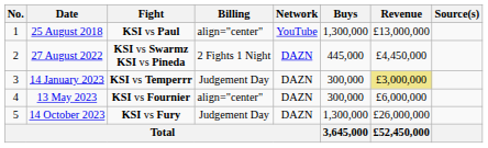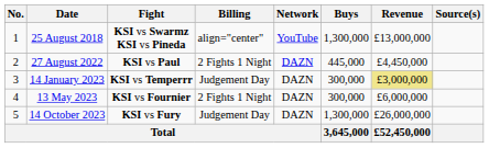 <table class="wikitable sortable">
 <tr>
 <th>No.</th>
 <th>Date</th>
 <th>Fight</th>
 <th>Billing</th>
 <th>Network</th>
 <th>Buys</th>
 <th>Revenue</th>
 <th>Source(s)</th>
 </tr>
 <tr>
 <td align="center">1</td>
 <td align="center"><a href='#'>25 August 2018</a></td>
-<td align="center"><strong>KSI</strong> vs <strong>Paul</strong></td>
+<td align="center"><strong>KSI</strong> vs <strong>Swarmz</strong> <br> <strong>KSI</strong> vs <strong>Pineda</strong></td>
 <td>align="center"  </td>
 <td align="center"><a href='#'>YouTube</a></td>
 <td align="center">1,300,000</td>
 <td align="center">£13,000,000</td>
 <td align="center"></td>
 </tr>
 <tr>
 <td align="center">2</td>
 <td align="center"><a href='#'>27 August 2022</a></td>
-<td align="center"><strong>KSI</strong> vs <strong>Swarmz</strong> <br> <strong>KSI</strong> vs <strong>Pineda</strong></td>
+<td align="center"><strong>KSI</strong> vs <strong>Paul</strong></td>
 <td align="center">2 Fights 1 Night</td>
 <td align="center"><a href='#'>DAZN</a></td>
 <td align="center">445,000</td>
 <td align="center">£4,450,000</td>
 <td align="center"></td>
 </tr>
 <tr>
 <td align="center">3</td>
 <td align="center"><a href='#'>14 January 2023</a></td>
 <td align="center"><strong>KSI</strong> vs <strong>Temperrr</strong></td>
 <td align="center">Judgement Day</td>
 <td align="center">DAZN</td>
 <td align="center">300,000</td>
 <td align="center" style="background: khaki;">£3,000,000</td>
 <td align="center"></td>
 </tr>
 <tr>
 <td align="center">4</td>
 <td align="center"><a href='#'>13 May 2023</a></td>
 <td align="center"><strong>KSI</strong> vs <strong>Fournier</strong></td>
-<td>align="center" </td>
+<td align="center">2 Fights 1 Night</td>
 <td align="center">DAZN</td>
 <td align="center">300,000</td>
 <td align="center">£6,000,000</td>
 <td align="center"></td>
 </tr>
 <tr>
 <td align="center">5</td>
 <td align="center"><a href='#'>14 October 2023</a></td>
 <td align="center"><strong>KSI</strong> vs <strong>Fury</strong></td>
 <td align="center">Judgement Day</td>
 <td align="center">DAZN</td>
 <td align="center">1,300,000</td>
 <td align="center">£26,000,000</td>
 <td align="center"></td>
 </tr>
 <tr>
 <th colspan="5">Total</th>
 <th>3,645,000</th>
 <th>£52,450,000</th>
 <th></th>
 </tr>
 </table>
